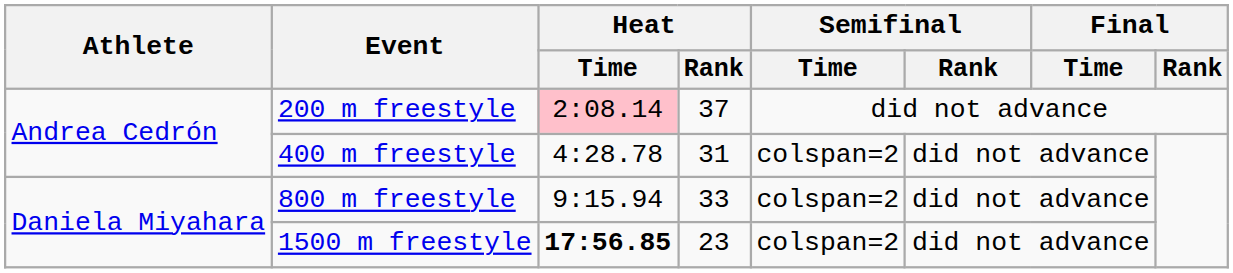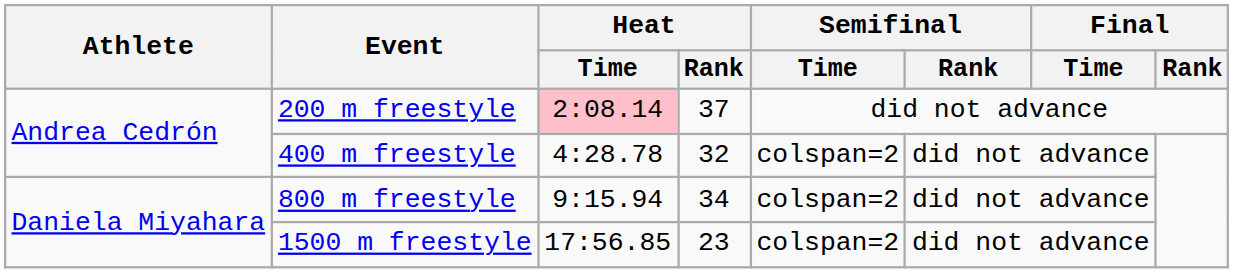 <table class=wikitable style="font-size:90%">
 <tr>
 <th rowspan="2">Athlete</th>
 <th rowspan="2">Event</th>
 <th colspan="2">Heat</th>
 <th colspan="2">Semifinal</th>
 <th colspan="2">Final</th>
 </tr>
 <tr style="font-size:95%">
 <th>Time</th>
 <th>Rank</th>
 <th>Time</th>
 <th>Rank</th>
 <th>Time</th>
 <th>Rank</th>
 </tr>
 <tr align=center>
 <td align=left rowspan=2><a href='#'>Andrea Cedrón</a></td>
 <td align=left><a href='#'>200 m freestyle</a></td>
 <td style="background: pink;">2:08.14</td>
 <td>37</td>
 <td colspan=4>did not advance</td>
 </tr>
 <tr align=center>
 <td align=left><a href='#'>400 m freestyle</a></td>
 <td>4:28.78</td>
-<td>31</td>
+<td>32</td>
 <td>colspan=2 </td>
 <td colspan=2>did not advance</td>
 </tr>
 <tr align=center>
 <td align=left rowspan=2><a href='#'>Daniela Miyahara</a></td>
 <td align=left><a href='#'>800 m freestyle</a></td>
 <td>9:15.94</td>
-<td>33</td>
+<td>34</td>
 <td>colspan=2 </td>
 <td colspan=2>did not advance</td>
 </tr>
 <tr align=center>
 <td align=left><a href='#'>1500 m freestyle</a></td>
-<td><strong>17:56.85</strong></td>
+<td>17:56.85</td>
 <td>23</td>
 <td>colspan=2 </td>
 <td colspan=2>did not advance</td>
 </tr>
 </table>
